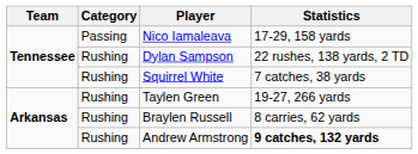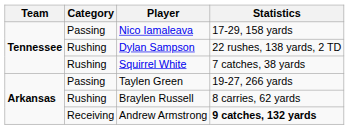 <table class="wikitable" style="float: right;">
 <tr>
 <th>Team</th>
 <th>Category</th>
 <th>Player</th>
 <th>Statistics</th>
 </tr>
 <tr>
 <td rowspan=3><strong>Tennessee</strong></td>
 <td>Passing</td>
 <td><a href='#'>Nico Iamaleava</a></td>
 <td>17-29, 158 yards</td>
 </tr>
 <tr>
 <td>Rushing</td>
 <td><a href='#'>Dylan Sampson</a></td>
 <td>22 rushes, 138 yards, 2 TD</td>
 </tr>
 <tr>
 <td>Rushing</td>
 <td><a href='#'>Squirrel White</a></td>
 <td>7 catches, 38 yards</td>
 </tr>
 <tr>
 <td rowspan=3><strong>Arkansas</strong></td>
-<td>Rushing</td>
+<td>Passing</td>
 <td>Taylen Green</td>
 <td>19-27, 266 yards</td>
 </tr>
 <tr>
 <td>Rushing</td>
 <td>Braylen Russell</td>
 <td>8 carries, 62 yards</td>
 </tr>
 <tr>
-<td>Rushing</td>
+<td>Receiving</td>
 <td>Andrew Armstrong</td>
 <td><strong>9 catches, 132 yards</strong></td>
 </tr>
 </table>
